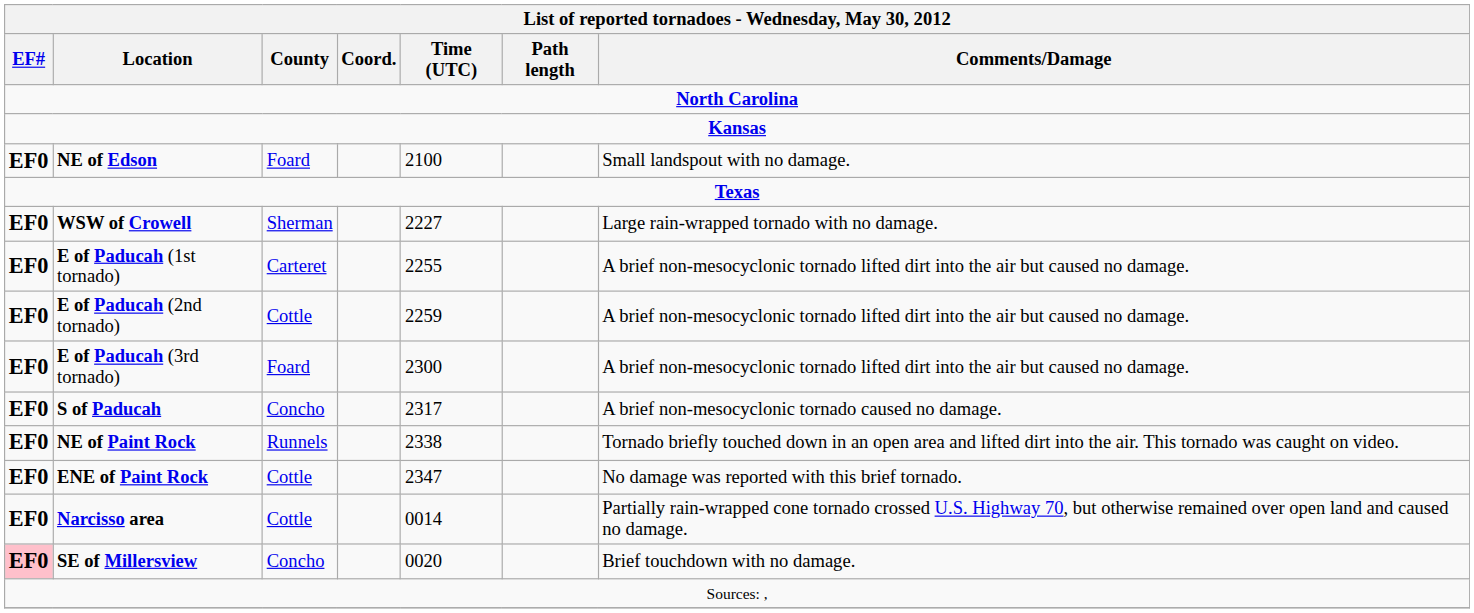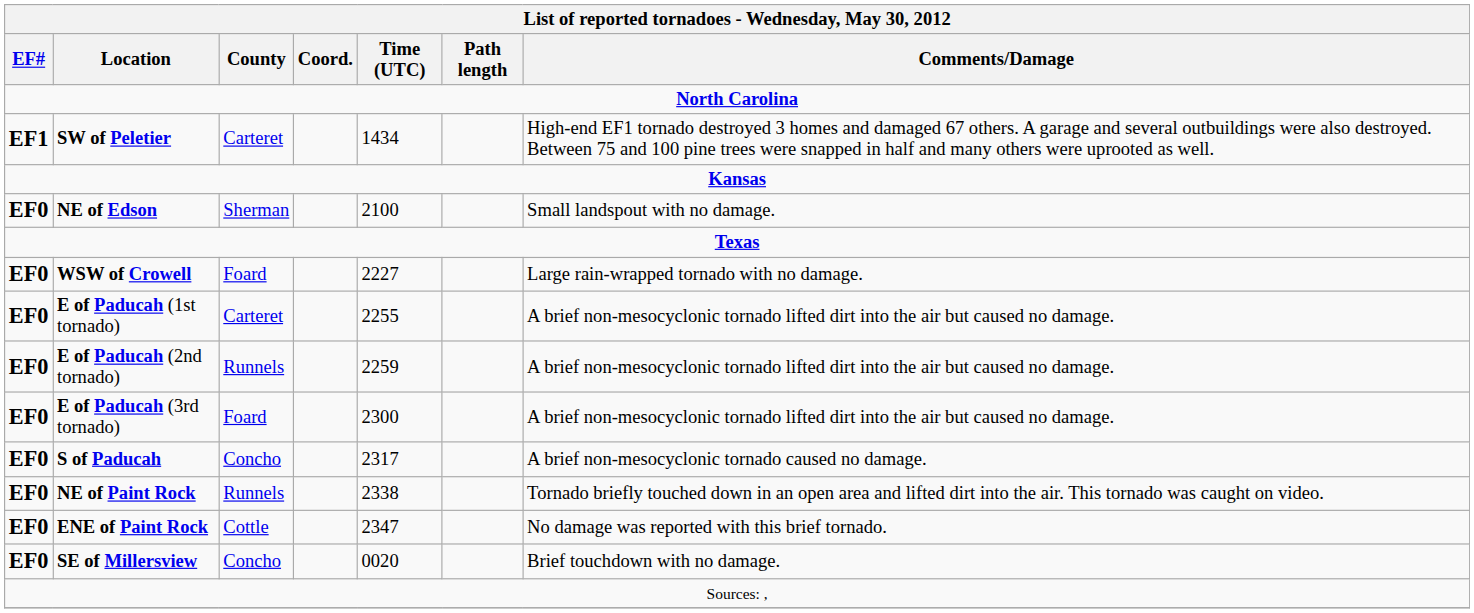 <table class="wikitable collapsible" width="100%">
 <tr>
 <th colspan="7">List of reported tornadoes - Wednesday, May 30, 2012</th>
 </tr>
 <tr>
 <th><a href='#'>EF#</a></th>
 <th>Location</th>
 <th>County</th>
 <th>Coord.</th>
 <th>Time (UTC)</th>
 <th>Path length</th>
 <th>Comments/Damage</th>
 </tr>
 <tr>
 <td colspan="7" align=center><strong><a href='#'>North Carolina</a></strong></td>
 </tr>
 <tr>
+<td><big><strong>EF1</strong></big></td>
+<td><strong>SW of <a href='#'>Peletier</a></strong></td>
+<td><a href='#'>Carteret</a></td>
+<td></td>
+<td>1434</td>
+<td></td>
+<td>High-end EF1 tornado destroyed 3 homes and damaged 67 others. A garage and several outbuildings were also destroyed. Between 75 and 100 pine trees were snapped in half and many others were uprooted as well.</td>
+</tr>
+<tr>
 <td colspan="7" align=center><strong><a href='#'>Kansas</a></strong></td>
 </tr>
 <tr>
 <td><big><strong>EF0</strong></big></td>
 <td><strong>NE of <a href='#'>Edson</a></strong></td>
-<td><a href='#'>Foard</a></td>
+<td><a href='#'>Sherman</a></td>
 <td></td>
 <td>2100</td>
 <td></td>
 <td>Small landspout with no damage.</td>
 </tr>
 <tr>
 <td colspan="7" align=center><strong><a href='#'>Texas</a></strong></td>
 </tr>
 <tr>
 <td><big><strong>EF0</strong></big></td>
 <td><strong>WSW of <a href='#'>Crowell</a></strong></td>
-<td><a href='#'>Sherman</a></td>
+<td><a href='#'>Foard</a></td>
 <td></td>
 <td>2227</td>
 <td></td>
 <td>Large rain-wrapped tornado with no damage.</td>
 </tr>
 <tr>
 <td><big><strong>EF0</strong></big></td>
 <td><strong>E of <a href='#'>Paducah</a></strong> (1st tornado)</td>
 <td><a href='#'>Carteret</a></td>
 <td></td>
 <td>2255</td>
 <td></td>
 <td>A brief non-mesocyclonic tornado lifted dirt into the air but caused no damage.</td>
 </tr>
 <tr>
 <td><big><strong>EF0</strong></big></td>
 <td><strong>E of <a href='#'>Paducah</a></strong> (2nd tornado)</td>
-<td><a href='#'>Cottle</a></td>
+<td><a href='#'>Runnels</a></td>
 <td></td>
 <td>2259</td>
 <td></td>
 <td>A brief non-mesocyclonic tornado lifted dirt into the air but caused no damage.</td>
 </tr>
 <tr>
 <td><big><strong>EF0</strong></big></td>
 <td><strong>E of <a href='#'>Paducah</a></strong> (3rd tornado)</td>
 <td><a href='#'>Foard</a></td>
 <td></td>
 <td>2300</td>
 <td></td>
 <td>A brief non-mesocyclonic tornado lifted dirt into the air but caused no damage.</td>
 </tr>
 <tr>
 <td><big><strong>EF0</strong></big></td>
 <td><strong>S of <a href='#'>Paducah</a></strong></td>
 <td><a href='#'>Concho</a></td>
 <td></td>
 <td>2317</td>
 <td></td>
 <td>A brief non-mesocyclonic tornado caused no damage.</td>
 </tr>
 <tr>
 <td><big><strong>EF0</strong></big></td>
 <td><strong>NE of <a href='#'>Paint Rock</a></strong></td>
 <td><a href='#'>Runnels</a></td>
 <td></td>
 <td>2338</td>
 <td></td>
 <td>Tornado briefly touched down in an open area and lifted dirt into the air. This tornado was caught on video.</td>
 </tr>
 <tr>
 <td><big><strong>EF0</strong></big></td>
 <td><strong>ENE of <a href='#'>Paint Rock</a></strong></td>
 <td><a href='#'>Cottle</a></td>
 <td></td>
 <td>2347</td>
 <td></td>
 <td>No damage was reported with this brief tornado.</td>
 </tr>
 <tr>
 <td><big><strong>EF0</strong></big></td>
-<td><strong><a href='#'>Narcisso</a> area</strong></td>
-<td><a href='#'>Cottle</a></td>
-<td></td>
-<td>0014</td>
-<td></td>
-<td>Partially rain-wrapped cone tornado crossed <a href='#'>U.S. Highway 70</a>, but otherwise remained over open land and caused no damage.</td>
-</tr>
-<tr>
-<td style="background: pink;"><big><strong>EF0</strong></big></td>
 <td><strong>SE of <a href='#'>Millersview</a></strong></td>
 <td><a href='#'>Concho</a></td>
 <td></td>
 <td>0020</td>
 <td></td>
 <td>Brief touchdown with no damage.</td>
 </tr>
 <tr>
 <td colspan="7" align=center><small>Sources: , </small></td>
 </tr>
 <tr>
 </tr>
 </table>
